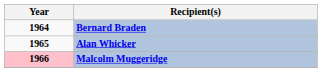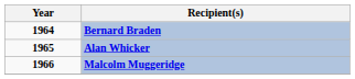 <table class="wikitable" width="40%">
 <tr>
 <th width=5%>Year</th>
 <th width=20%><strong>Recipient(s)</strong></th>
 </tr>
 <tr>
 <td style="text-align:center;"><strong>1964</strong></td>
 <td style="background:#B0C4DE;"><strong><a href='#'>Bernard Braden</a></strong></td>
 </tr>
 <tr>
 <td style="text-align:center;"><strong>1965</strong></td>
 <td style="background:#B0C4DE;"><strong><a href='#'>Alan Whicker</a></strong></td>
 </tr>
 <tr>
-<td style="background: pink; text-align:center;"><strong>1966</strong></td>
+<td style="text-align:center;"><strong>1966</strong></td>
 <td style="background:#B0C4DE;"><strong><a href='#'>Malcolm Muggeridge</a></strong></td>
 </tr>
 <tr>
 </tr>
 </table>
